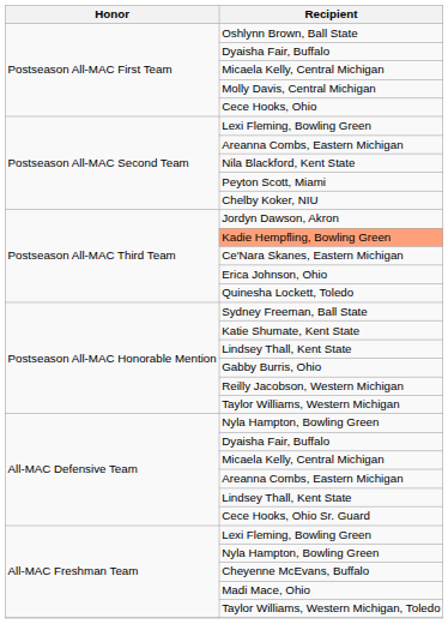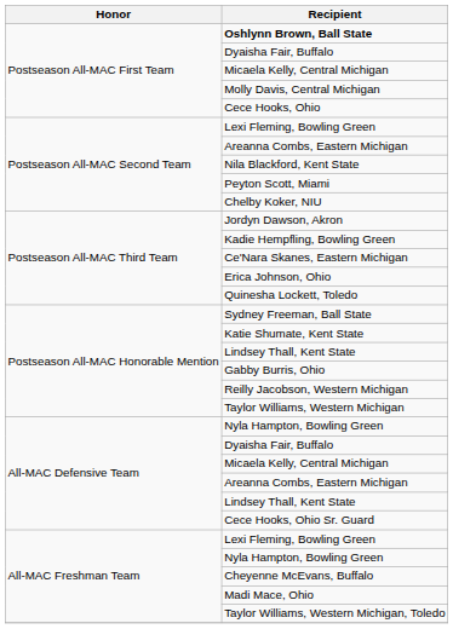 <table class="wikitable" border="1">
 <tr>
 <th>Honor</th>
 <th>Recipient</th>
 </tr>
 <tr>
 <td rowspan=5 valign=middle>Postseason All-MAC First Team</td>
-<td>Oshlynn Brown, Ball State</td>
+<td><strong>Oshlynn Brown, Ball State</strong></td>
 </tr>
 <tr>
 <td>Dyaisha Fair, Buffalo</td>
 </tr>
 <tr>
 <td>Micaela Kelly, Central Michigan</td>
 </tr>
 <tr>
 <td>Molly Davis, Central Michigan</td>
 </tr>
 <tr>
 <td>Cece Hooks, Ohio</td>
 </tr>
 <tr>
 <td rowspan=5 valign=middle>Postseason All-MAC Second Team</td>
 <td>Lexi Fleming, Bowling Green</td>
 </tr>
 <tr>
 <td>Areanna Combs, Eastern Michigan</td>
 </tr>
 <tr>
 <td>Nila Blackford, Kent State</td>
 </tr>
 <tr>
 <td>Peyton Scott, Miami</td>
 </tr>
 <tr>
 <td>Chelby Koker, NIU</td>
 </tr>
 <tr>
 <td rowspan=5 valign=middle>Postseason All-MAC Third Team</td>
 <td>Jordyn Dawson, Akron</td>
 </tr>
 <tr>
-<td style="background: lightsalmon;">Kadie Hempfling, Bowling Green</td>
+<td>Kadie Hempfling, Bowling Green</td>
 </tr>
 <tr>
 <td>Ce'Nara Skanes, Eastern Michigan</td>
 </tr>
 <tr>
 <td>Erica Johnson, Ohio</td>
 </tr>
 <tr>
 <td>Quinesha Lockett, Toledo</td>
 </tr>
 <tr>
 <td rowspan=6 valign=middle>Postseason All-MAC Honorable Mention</td>
 <td>Sydney Freeman, Ball State</td>
 </tr>
 <tr>
 <td>Katie Shumate, Kent State</td>
 </tr>
 <tr>
 <td>Lindsey Thall, Kent State</td>
 </tr>
 <tr>
 <td>Gabby Burris, Ohio</td>
 </tr>
 <tr>
 <td>Reilly Jacobson, Western Michigan</td>
 </tr>
 <tr>
 <td>Taylor Williams, Western Michigan</td>
 </tr>
 <tr>
 <td rowspan=6 valign=middle>All-MAC Defensive Team</td>
 <td>Nyla Hampton, Bowling Green</td>
 </tr>
 <tr>
 <td>Dyaisha Fair, Buffalo</td>
 </tr>
 <tr>
 <td>Micaela Kelly, Central Michigan</td>
 </tr>
 <tr>
 <td>Areanna Combs, Eastern Michigan</td>
 </tr>
 <tr>
 <td>Lindsey Thall, Kent State</td>
 </tr>
 <tr>
 <td>Cece Hooks, Ohio Sr. Guard</td>
 </tr>
 <tr>
 <td rowspan=5 valign=middle>All-MAC Freshman Team</td>
 <td>Lexi Fleming, Bowling Green</td>
 </tr>
 <tr>
 <td>Nyla Hampton, Bowling Green</td>
 </tr>
 <tr>
 <td>Cheyenne McEvans, Buffalo</td>
 </tr>
 <tr>
 <td>Madi Mace, Ohio</td>
 </tr>
 <tr>
 <td>Taylor Williams, Western Michigan, Toledo</td>
 </tr>
 <tr>
 </tr>
 </table>
